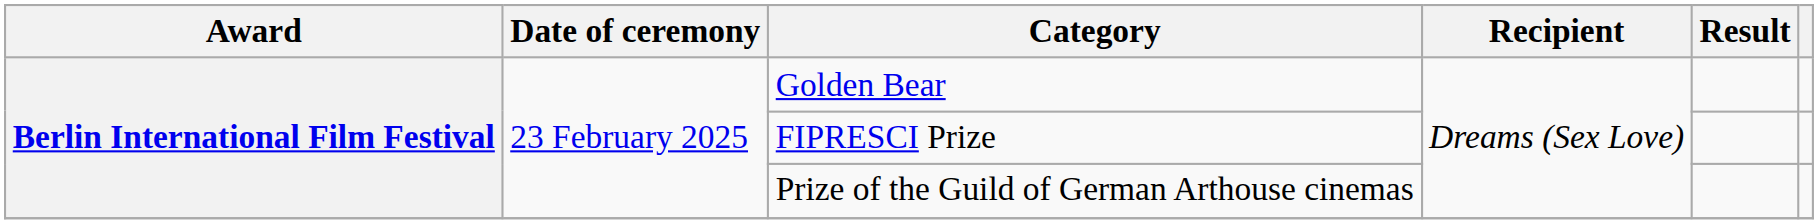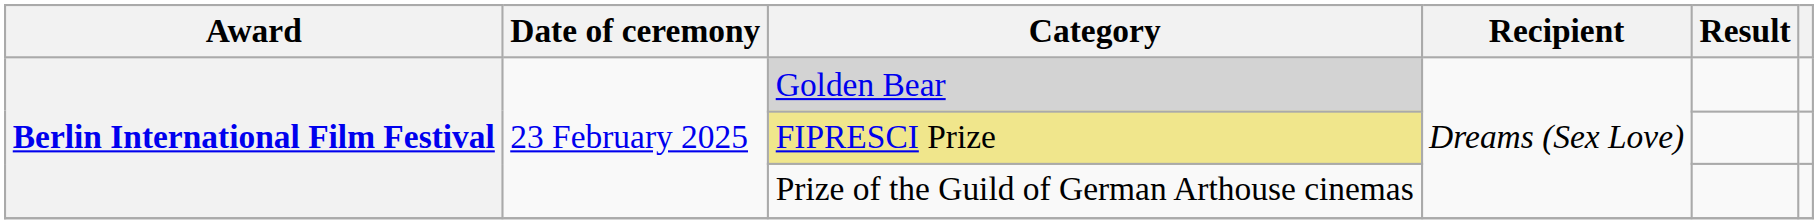 <table class="wikitable sortable plainrowheaders">
 <tr>
 <th>Award</th>
 <th>Date of ceremony</th>
 <th>Category</th>
 <th>Recipient</th>
 <th>Result</th>
 <th></th>
 </tr>
 <tr>
 <th scope="row" rowspan="3"><a href='#'>Berlin International Film Festival</a></th>
 <td rowspan="3"><a href='#'>23 February 2025</a></td>
-<td><a href='#'>Golden Bear</a></td>
+<td style="background: lightgrey;"><a href='#'>Golden Bear</a></td>
 <td rowspan="3"><em>Dreams (Sex Love)</em></td>
 <td></td>
 <td align="center"></td>
 </tr>
 <tr>
-<td><a href='#'>FIPRESCI</a> Prize</td>
+<td style="background: khaki;"><a href='#'>FIPRESCI</a> Prize</td>
 <td></td>
 <td align="center"></td>
 </tr>
 <tr>
 <td>Prize of the Guild of German Arthouse cinemas</td>
 <td></td>
 <td align="center"></td>
 </tr>
 <tr>
 </tr>
 </table>
